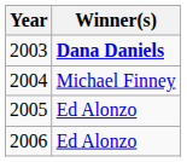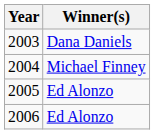 <table class="wikitable sortable">
 <tr>
 <th>Year</th>
 <th>Winner(s)</th>
 </tr>
 <tr>
 <td>2003</td>
-<td><strong><a href='#'>Dana Daniels</a></strong></td>
+<td><a href='#'>Dana Daniels</a></td>
 </tr>
 <tr>
 <td>2004</td>
 <td><a href='#'>Michael Finney</a></td>
 </tr>
 <tr>
 <td>2005</td>
 <td><a href='#'>Ed Alonzo</a></td>
 </tr>
 <tr>
 <td>2006</td>
 <td><a href='#'>Ed Alonzo</a></td>
 </tr>
 </table>
